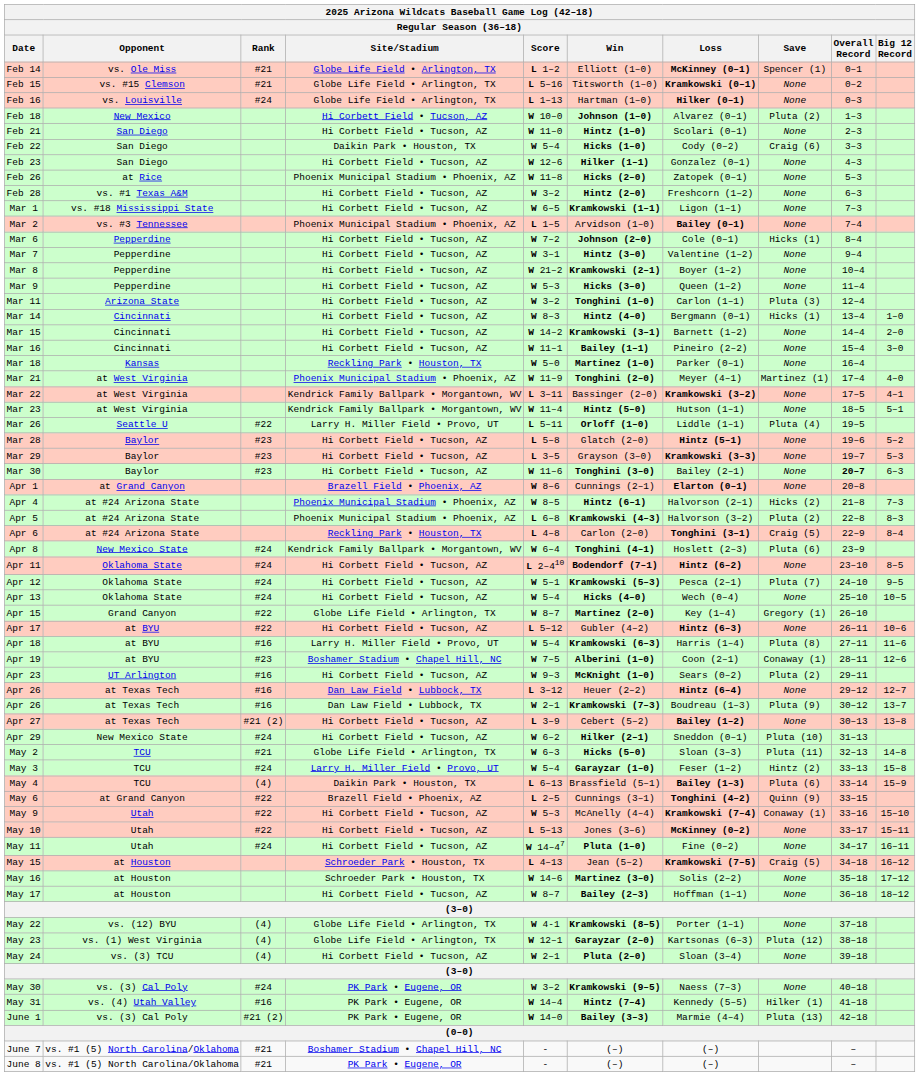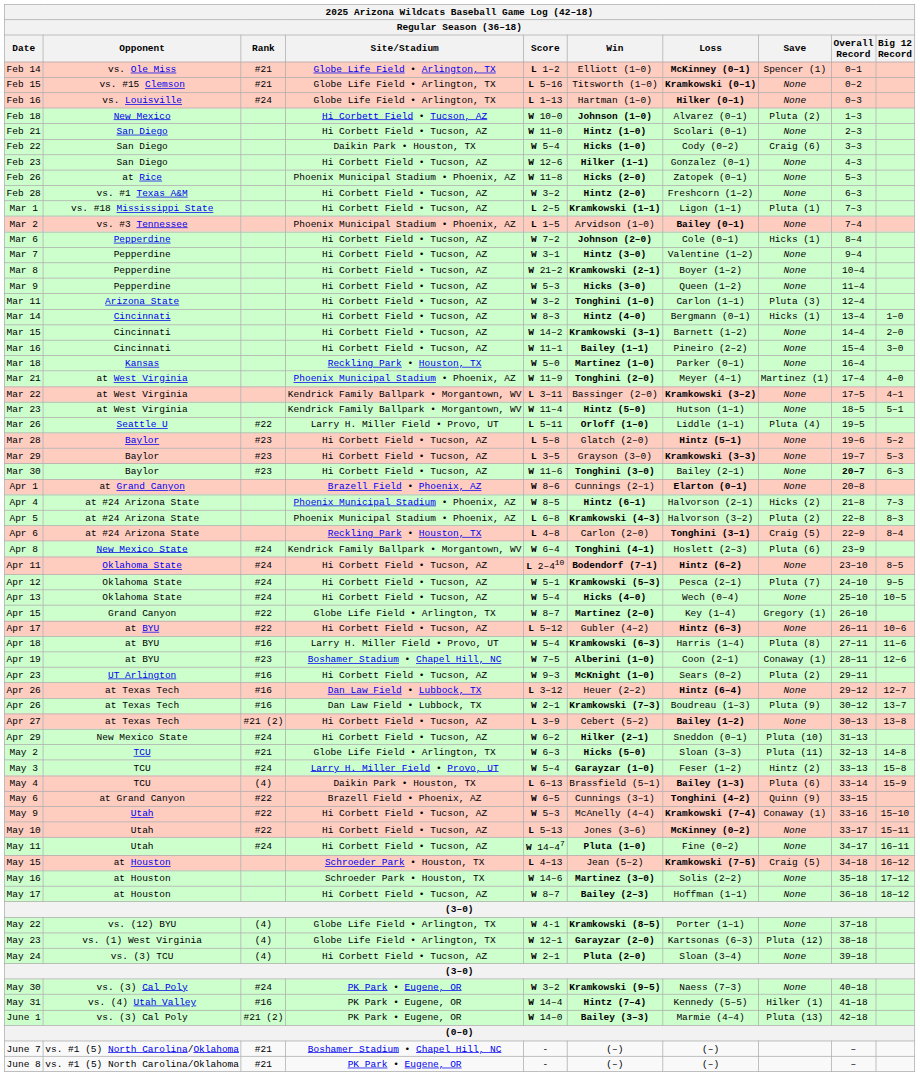 <table class="wikitable">
 <tr>
 <th colspan="10">2025 Arizona Wildcats Baseball Game Log (42–18)</th>
 </tr>
 <tr>
 <th colspan="10">Regular Season (36–18)</th>
 </tr>
 <tr>
 <th>Date</th>
 <th>Opponent</th>
 <th>Rank</th>
 <th>Site/Stadium</th>
 <th>Score</th>
 <th>Win</th>
 <th>Loss</th>
 <th>Save</th>
 <th>Overall<br>Record</th>
 <th>Big 12<br>Record</th>
 </tr>
 <tr bgcolor="ffccc" align="center">
 <td>Feb 14</td>
 <td>vs. <a href='#'>Ole Miss</a></td>
 <td>#21</td>
 <td><a href='#'>Globe Life Field</a> • <a href='#'>Arlington, TX</a></td>
 <td><strong>L</strong> 1–2</td>
 <td>Elliott (1–0)</td>
 <td><strong>McKinney (0–1)</strong></td>
 <td>Spencer (1)</td>
 <td>0–1</td>
 <td></td>
 </tr>
 <tr bgcolor="ffccc" align="center">
 <td>Feb 15</td>
 <td>vs. #15 <a href='#'>Clemson</a></td>
 <td>#21</td>
 <td>Globe Life Field • Arlington, TX</td>
 <td><strong>L</strong> 5–16</td>
 <td>Titsworth (1–0)</td>
 <td><strong>Kramkowski</strong> <strong>(0–1)</strong></td>
 <td><em>None</em></td>
 <td>0–2</td>
 <td></td>
 </tr>
 <tr bgcolor="ffccc" align="center">
 <td>Feb 16</td>
 <td>vs. <a href='#'>Louisville</a></td>
 <td>#24</td>
 <td>Globe Life Field • Arlington, TX</td>
 <td><strong>L</strong> 1–13</td>
 <td>Hartman (1–0)</td>
 <td><strong>Hilker (0–1)</strong></td>
 <td><em>None</em></td>
 <td>0–3</td>
 <td></td>
 </tr>
 <tr bgcolor="ccffcc" align="center">
 <td>Feb 18</td>
 <td><a href='#'>New Mexico</a></td>
 <td></td>
 <td><a href='#'>Hi Corbett Field</a> • <a href='#'>Tucson, AZ</a></td>
 <td><strong>W</strong> 10–0</td>
 <td><strong>Johnson (1–0)</strong></td>
 <td>Alvarez (0–1)</td>
 <td>Pluta (2)</td>
 <td>1–3</td>
 <td></td>
 </tr>
 <tr bgcolor="ccffcc" align="center">
 <td>Feb 21</td>
 <td><a href='#'>San Diego</a></td>
 <td></td>
 <td>Hi Corbett Field • Tucson, AZ</td>
 <td><strong>W</strong> 11–0</td>
 <td><strong>Hintz</strong> <strong>(1–0)</strong></td>
 <td>Scolari (0–1)</td>
 <td><em>None</em></td>
 <td>2–3</td>
 <td></td>
 </tr>
 <tr bgcolor="ccffcc" align="center">
 <td>Feb 22</td>
 <td>San Diego</td>
 <td></td>
 <td>Daikin Park • Houston, TX</td>
 <td><strong>W</strong> 5–4</td>
 <td><strong>Hicks (1–0)</strong></td>
 <td>Cody (0–2)</td>
 <td>Craig (6)</td>
 <td>3–3</td>
 <td></td>
 </tr>
 <tr bgcolor="ccffcc" align="center">
 <td>Feb 23</td>
 <td>San Diego</td>
 <td></td>
 <td>Hi Corbett Field • Tucson, AZ</td>
 <td><strong>W</strong> 12–6</td>
 <td><strong>Hilker (1–1)</strong></td>
 <td>Gonzalez (0–1)</td>
 <td><em>None</em></td>
 <td>4–3</td>
 <td></td>
 </tr>
 <tr bgcolor="ccffcc" align="center">
 <td>Feb 26</td>
 <td>at <a href='#'>Rice</a></td>
 <td></td>
 <td>Phoenix Municipal Stadium • Phoenix, AZ</td>
 <td><strong>W</strong> 11–8</td>
 <td><strong>Hicks (2–0)</strong></td>
 <td>Zatopek (0–1)</td>
 <td><em>None</em></td>
 <td>5–3</td>
 <td></td>
 </tr>
 <tr bgcolor="ccffcc" align="center">
 <td>Feb 28</td>
 <td>vs. #1 <a href='#'>Texas A&M</a></td>
 <td></td>
 <td>Hi Corbett Field • Tucson, AZ</td>
 <td><strong>W</strong> 3–2</td>
 <td><strong>Hintz</strong> <strong>(2–0)</strong></td>
 <td>Freshcorn (1–2)</td>
 <td><em>None</em></td>
 <td>6–3</td>
 <td></td>
 </tr>
 <tr bgcolor="ccffcc" align="center">
 <td>Mar 1</td>
 <td>vs. #18 <a href='#'>Mississippi State</a></td>
 <td></td>
 <td>Hi Corbett Field • Tucson, AZ</td>
-<td><strong>W</strong> 6–5</td>
+<td><strong>L</strong> 2–5</td>
 <td><strong>Kramkowski</strong> <strong>(1–1)</strong></td>
 <td>Ligon (1–1)</td>
-<td><em>None</em></td>
+<td>Pluta (1)</td>
 <td>7–3</td>
 <td></td>
 </tr>
 <tr bgcolor="ffccc" align="center">
 <td>Mar 2</td>
 <td>vs. #3 <a href='#'>Tennessee</a></td>
 <td></td>
 <td>Phoenix Municipal Stadium • Phoenix, AZ</td>
 <td><strong>L</strong> 1–5</td>
 <td>Arvidson (1–0)</td>
 <td><strong>Bailey (0–1)</strong></td>
 <td><em>None</em></td>
 <td>7–4</td>
 <td></td>
 </tr>
 <tr bgcolor="ccffcc" align="center">
 <td>Mar 6</td>
 <td><a href='#'>Pepperdine</a></td>
 <td></td>
 <td>Hi Corbett Field • Tucson, AZ</td>
 <td><strong>W</strong> 7–2</td>
 <td><strong>Johnson (2–0)</strong></td>
 <td>Cole (0–1)</td>
 <td>Hicks (1)</td>
 <td>8–4</td>
 <td></td>
 </tr>
 <tr bgcolor="ccffcc" align="center">
 <td>Mar 7</td>
 <td>Pepperdine</td>
 <td></td>
 <td>Hi Corbett Field • Tucson, AZ</td>
 <td><strong>W</strong> 3–1</td>
 <td><strong>Hintz</strong> <strong>(3–0)</strong></td>
 <td>Valentine (1–2)</td>
 <td><em>None</em></td>
 <td>9–4</td>
 <td></td>
 </tr>
 <tr bgcolor="ccffcc" align="center">
 <td>Mar 8</td>
 <td>Pepperdine</td>
 <td></td>
 <td>Hi Corbett Field • Tucson, AZ</td>
 <td><strong>W</strong> 21–2</td>
 <td><strong>Kramkowski</strong> <strong>(2–1)</strong></td>
 <td>Boyer (1–2)</td>
 <td><em>None</em></td>
 <td>10–4</td>
 <td></td>
 </tr>
 <tr bgcolor="ccffcc" align="center">
 <td>Mar 9</td>
 <td>Pepperdine</td>
 <td></td>
 <td>Hi Corbett Field • Tucson, AZ</td>
 <td><strong>W</strong> 5–3</td>
 <td><strong>Hicks (3–0)</strong></td>
 <td>Queen (1–2)</td>
 <td><em>None</em></td>
 <td>11–4</td>
 <td></td>
 </tr>
 <tr bgcolor="ccffcc" align="center">
 <td>Mar 11</td>
 <td><a href='#'>Arizona State</a></td>
 <td></td>
 <td>Hi Corbett Field • Tucson, AZ</td>
 <td><strong>W</strong> 3–2</td>
 <td><strong>Tonghini (1–0)</strong></td>
 <td>Carlon (1–1)</td>
 <td>Pluta (3)</td>
 <td>12–4</td>
 <td></td>
 </tr>
 <tr bgcolor="ccffcc" align="center">
 <td>Mar 14</td>
 <td><a href='#'>Cincinnati</a></td>
 <td></td>
 <td>Hi Corbett Field • Tucson, AZ</td>
 <td><strong>W</strong> 8–3</td>
 <td><strong>Hintz</strong> <strong>(4–0)</strong></td>
 <td>Bergmann (0–1)</td>
 <td>Hicks (1)</td>
 <td>13–4</td>
 <td>1–0</td>
 </tr>
 <tr bgcolor="ccffcc" align="center">
 <td>Mar 15</td>
 <td>Cincinnati</td>
 <td></td>
 <td>Hi Corbett Field • Tucson, AZ</td>
 <td><strong>W</strong> 14–2</td>
 <td><strong>Kramkowski</strong> <strong>(3–1)</strong></td>
 <td>Barnett (1–2)</td>
 <td><em>None</em></td>
 <td>14–4</td>
 <td>2–0</td>
 </tr>
 <tr bgcolor="ccffcc" align="center">
 <td>Mar 16</td>
 <td>Cincinnati</td>
 <td></td>
 <td>Hi Corbett Field • Tucson, AZ</td>
 <td><strong>W</strong> 11–1</td>
 <td><strong>Bailey</strong> <strong>(1–1)</strong></td>
 <td>Pineiro (2–2)</td>
 <td><em>None</em></td>
 <td>15–4</td>
 <td>3–0</td>
 </tr>
 <tr bgcolor="ccffcc" align="center">
 <td>Mar 18</td>
 <td><a href='#'>Kansas</a></td>
 <td></td>
 <td><a href='#'>Reckling Park</a> • <a href='#'>Houston, TX</a></td>
 <td><strong>W</strong> 5–0</td>
 <td><strong>Martinez (1–0)</strong></td>
 <td>Parker (0–1)</td>
 <td><em>None</em></td>
 <td>16–4</td>
 <td></td>
 </tr>
 <tr bgcolor="ccffcc" align="center">
 <td>Mar 21</td>
 <td>at <a href='#'>West Virginia</a></td>
 <td></td>
 <td><a href='#'>Phoenix Municipal Stadium</a> • Phoenix, AZ</td>
 <td><strong>W</strong> 11–9</td>
 <td><strong>Tonghini (2–0)</strong></td>
 <td>Meyer (4–1)</td>
 <td>Martinez (1)</td>
 <td>17–4</td>
 <td>4–0</td>
 </tr>
 <tr bgcolor="ffccc" align="center">
 <td>Mar 22</td>
 <td>at West Virginia</td>
 <td></td>
 <td>Kendrick Family Ballpark • Morgantown, WV</td>
 <td><strong>L</strong> 3–11</td>
 <td>Bassinger (2–0)</td>
 <td><strong>Kramkowski (3–2)</strong></td>
 <td><em>None</em></td>
 <td>17–5</td>
 <td>4–1</td>
 </tr>
 <tr bgcolor="ccffcc" align="center">
 <td>Mar 23</td>
 <td>at West Virginia</td>
 <td></td>
 <td>Kendrick Family Ballpark • Morgantown, WV</td>
 <td><strong>W</strong> 11–4</td>
 <td><strong>Hintz (5–0)</strong></td>
 <td>Hutson (1–1)</td>
 <td><em>None</em></td>
 <td>18–5</td>
 <td>5–1</td>
 </tr>
 <tr bgcolor="ccffcc" align="center">
 <td>Mar 26</td>
 <td><a href='#'>Seattle U</a></td>
 <td>#22</td>
 <td>Larry H. Miller Field • Provo, UT</td>
 <td><strong>L</strong> 5–11</td>
 <td><strong>Orloff (1–0)</strong></td>
 <td>Liddle (1–1)</td>
 <td>Pluta (4)</td>
 <td>19–5</td>
 <td></td>
 </tr>
 <tr bgcolor="ffccc" align="center">
 <td>Mar 28</td>
 <td><a href='#'>Baylor</a></td>
 <td>#23</td>
 <td>Hi Corbett Field • Tucson, AZ</td>
 <td><strong>L</strong> 5–8</td>
 <td>Glatch (2–0)</td>
 <td><strong>Hintz (5–1)</strong></td>
 <td><em>None</em></td>
 <td>19–6</td>
 <td>5–2</td>
 </tr>
 <tr bgcolor="ffccc" align="center">
 <td>Mar 29</td>
 <td>Baylor</td>
 <td>#23</td>
 <td>Hi Corbett Field • Tucson, AZ</td>
 <td><strong>L</strong> 3–5</td>
 <td>Grayson (3–0)</td>
 <td><strong>Kramkowski (3–3)</strong></td>
 <td><em>None</em></td>
 <td>19–7</td>
 <td>5–3</td>
 </tr>
 <tr bgcolor="ccffcc" align="center">
 <td>Mar 30</td>
 <td>Baylor</td>
 <td>#23</td>
 <td>Hi Corbett Field • Tucson, AZ</td>
 <td><strong>W</strong> 11–6</td>
 <td><strong>Tonghini (3–0)</strong></td>
 <td>Bailey (2–1)</td>
 <td><em>None</em></td>
 <td><strong>20–7</strong></td>
 <td>6–3</td>
 </tr>
 <tr bgcolor="ffccc" align="center">
 <td>Apr 1</td>
 <td>at <a href='#'>Grand Canyon</a></td>
 <td></td>
 <td><a href='#'>Brazell Field</a> • <a href='#'>Phoenix, AZ</a></td>
 <td><strong>W</strong> 8–6</td>
 <td>Cunnings (2–1)</td>
 <td><strong>Elarton</strong> <strong>(0–1)</strong></td>
 <td><em>None</em></td>
 <td>20–8</td>
 <td></td>
 </tr>
 <tr bgcolor="ccffcc" align="center">
 <td>Apr 4</td>
 <td>at #24 Arizona State</td>
 <td></td>
 <td><a href='#'>Phoenix Municipal Stadium</a> • Phoenix, AZ</td>
 <td><strong>W</strong> 8–5</td>
 <td><strong>Hintz</strong> <strong>(6–1)</strong></td>
 <td>Halvorson (2–1)</td>
 <td>Hicks (2)</td>
 <td>21–8</td>
 <td>7–3</td>
 </tr>
 <tr bgcolor="ccffcc" align="center">
 <td>Apr 5</td>
 <td>at #24 Arizona State</td>
 <td></td>
 <td>Phoenix Municipal Stadium • Phoenix, AZ</td>
 <td><strong>L</strong> 6–8</td>
 <td><strong>Kramkowski (4–3)</strong></td>
 <td>Halvorson (3–2)</td>
 <td>Pluta (2)</td>
 <td>22–8</td>
 <td>8–3</td>
 </tr>
 <tr bgcolor="ffccc" align="center">
 <td>Apr 6</td>
 <td>at #24 Arizona State</td>
 <td></td>
 <td><a href='#'>Reckling Park</a> • <a href='#'>Houston, TX</a></td>
 <td><strong>L</strong> 4–8</td>
 <td>Carlon (2–0)</td>
 <td><strong>Tonghini (3–1)</strong></td>
 <td>Craig (5)</td>
 <td>22–9</td>
 <td>8–4</td>
 </tr>
 <tr bgcolor="ccffcc" align="center">
 <td>Apr 8</td>
 <td><a href='#'>New Mexico State</a></td>
 <td>#24</td>
 <td>Kendrick Family Ballpark • Morgantown, WV</td>
 <td><strong>W</strong> 6–4</td>
 <td><strong>Tonghini (4–1)</strong></td>
 <td>Hoslett (2–3)</td>
 <td>Pluta (6)</td>
 <td>23–9</td>
 <td></td>
 </tr>
 <tr bgcolor="ffccc" align="center">
 <td>Apr 11</td>
 <td><a href='#'>Oklahoma State</a></td>
 <td>#24</td>
 <td>Hi Corbett Field • Tucson, AZ</td>
 <td><strong>L</strong> 2–4<sup>10</sup></td>
 <td><strong>Bodendorf (7–1)</strong></td>
 <td><strong>Hintz (6–2)</strong></td>
 <td><em>None</em></td>
 <td>23–10</td>
 <td>8–5</td>
 </tr>
 <tr bgcolor="ccffcc" align="center">
 <td>Apr 12</td>
 <td>Oklahoma State</td>
 <td>#24</td>
 <td>Hi Corbett Field • Tucson, AZ</td>
 <td><strong>W</strong> 5–1</td>
 <td><strong>Kramkowski (5–3)</strong></td>
 <td>Pesca (2–1)</td>
 <td>Pluta (7)</td>
 <td>24–10</td>
 <td>9–5</td>
 </tr>
 <tr bgcolor="ccffcc" align="center">
 <td>Apr 13</td>
 <td>Oklahoma State</td>
 <td>#24</td>
 <td>Hi Corbett Field • Tucson, AZ</td>
 <td><strong>W</strong> 5–4</td>
 <td><strong>Hicks (4–0)</strong></td>
 <td>Wech (0–4)</td>
 <td><em>None</em></td>
 <td>25–10</td>
 <td>10–5</td>
 </tr>
 <tr bgcolor="ccffcc" align="center">
 <td>Apr 15</td>
 <td>Grand Canyon</td>
 <td>#22</td>
 <td>Globe Life Field • Arlington, TX</td>
 <td><strong>W</strong> 8–7</td>
 <td><strong>Martinez (2–0)</strong></td>
 <td>Key (1–4)</td>
 <td>Gregory (1)</td>
 <td>26–10</td>
 <td></td>
 </tr>
 <tr bgcolor="ffccc" align="center">
 <td>Apr 17</td>
 <td>at <a href='#'>BYU</a></td>
 <td>#22</td>
 <td>Hi Corbett Field • Tucson, AZ</td>
 <td><strong>L</strong> 5–12</td>
 <td>Gubler (4–2)</td>
 <td><strong>Hintz (6–3)</strong></td>
 <td><em>None</em></td>
 <td>26–11</td>
 <td>10–6</td>
 </tr>
 <tr bgcolor="ccffcc" align="center">
 <td>Apr 18</td>
 <td>at BYU</td>
 <td>#16</td>
 <td>Larry H. Miller Field • Provo, UT</td>
 <td><strong>W</strong> 5–4</td>
 <td><strong>Kramkowski (6–3)</strong></td>
 <td>Harris (1–4)</td>
 <td>Pluta (8)</td>
 <td>27–11</td>
 <td>11–6</td>
 </tr>
 <tr bgcolor="ccffcc" align="center">
 <td>Apr 19</td>
 <td>at BYU</td>
 <td>#23</td>
 <td><a href='#'>Boshamer Stadium</a> • <a href='#'>Chapel Hill, NC</a></td>
 <td><strong>W</strong> 7–5</td>
 <td><strong>Alberini (1–0)</strong></td>
 <td>Coon (2–1)</td>
 <td>Conaway (1)</td>
 <td>28–11</td>
 <td>12–6</td>
 </tr>
 <tr bgcolor="ccffcc" align="center">
 <td>Apr 23</td>
 <td><a href='#'>UT Arlington</a></td>
 <td>#16</td>
 <td>Hi Corbett Field • Tucson, AZ</td>
 <td><strong>W</strong> 9–3</td>
 <td><strong>McKnight (1–0)</strong></td>
 <td>Sears (0–2)</td>
 <td>Pluta (2)</td>
 <td>29–11</td>
 <td></td>
 </tr>
 <tr bgcolor="ffccc" align="center">
 <td>Apr 26</td>
 <td>at Texas Tech</td>
 <td>#16</td>
 <td><a href='#'>Dan Law Field</a> • <a href='#'>Lubbock, TX</a></td>
 <td><strong>L</strong> 3–12</td>
 <td>Heuer (2–2)</td>
 <td><strong>Hintz (6–4)</strong></td>
 <td><em>None</em></td>
 <td>29–12</td>
 <td>12–7</td>
 </tr>
 <tr bgcolor="ccffcc" align="center">
 <td>Apr 26</td>
 <td>at Texas Tech</td>
 <td>#16</td>
 <td>Dan Law Field • Lubbock, TX</td>
 <td><strong>W</strong> 2–1</td>
 <td><strong>Kramkowski (7–3)</strong></td>
 <td>Boudreau (1–3)</td>
 <td>Pluta (9)</td>
 <td>30–12</td>
 <td>13–7</td>
 </tr>
 <tr bgcolor="ffccc" align="center">
 <td>Apr 27</td>
 <td>at Texas Tech</td>
 <td>#21 (2)</td>
 <td>Hi Corbett Field • Tucson, AZ</td>
 <td><strong>L</strong> 3–9</td>
 <td>Cebert (5–2)</td>
 <td><strong>Bailey (1–2)</strong></td>
 <td><em>None</em></td>
 <td>30–13</td>
 <td>13–8</td>
 </tr>
 <tr bgcolor="ccffcc" align="center">
 <td>Apr 29</td>
 <td>New Mexico State</td>
 <td>#24</td>
 <td>Hi Corbett Field • Tucson, AZ</td>
 <td><strong>W</strong> 6–2</td>
 <td><strong>Hilker (2–1)</strong></td>
 <td>Sneddon (0–1)</td>
 <td>Pluta (10)</td>
 <td>31–13</td>
 <td></td>
 </tr>
 <tr bgcolor="ccffcc" align="center">
 <td>May 2</td>
 <td><a href='#'>TCU</a></td>
 <td>#21</td>
 <td>Globe Life Field • Arlington, TX</td>
 <td><strong>W</strong> 6–3</td>
 <td><strong>Hicks (5–0)</strong></td>
 <td>Sloan (3–3)</td>
 <td>Pluta (11)</td>
 <td>32–13</td>
 <td>14–8</td>
 </tr>
 <tr bgcolor="ccffcc" align="center">
 <td>May 3</td>
 <td>TCU</td>
 <td>#24</td>
 <td><a href='#'>Larry H. Miller Field</a> • <a href='#'>Provo, UT</a></td>
 <td><strong>W</strong> 5–4</td>
 <td><strong>Garayzar (1–0)</strong></td>
 <td>Feser (1–2)</td>
 <td>Hintz (2)</td>
 <td>33–13</td>
 <td>15–8</td>
 </tr>
 <tr bgcolor="ffccc" align="center">
 <td>May 4</td>
 <td>TCU</td>
 <td>(4)</td>
 <td>Daikin Park • Houston, TX</td>
 <td><strong>L</strong> 6–13</td>
 <td>Brassfield (5–1)</td>
 <td><strong>Bailey (1–3)</strong></td>
 <td>Pluta (6)</td>
 <td>33–14</td>
 <td>15–9</td>
 </tr>
 <tr bgcolor="ffccc" align="center">
 <td>May 6</td>
 <td>at Grand Canyon</td>
 <td>#22</td>
 <td>Brazell Field • Phoenix, AZ</td>
-<td><strong>L</strong> 2–5</td>
+<td><strong>W</strong> 6–5</td>
 <td>Cunnings (3–1)</td>
 <td><strong>Tonghini (4–2)</strong></td>
 <td>Quinn (9)</td>
 <td>33–15</td>
 <td></td>
 </tr>
 <tr bgcolor="ffccc" align="center">
 <td>May 9</td>
 <td><a href='#'>Utah</a></td>
 <td>#22</td>
 <td>Hi Corbett Field • Tucson, AZ</td>
 <td><strong>W</strong> 5–3</td>
 <td>McAnelly (4–4)</td>
 <td><strong>Kramkowski (7–4)</strong></td>
 <td>Conaway (1)</td>
 <td>33–16</td>
 <td>15–10</td>
 </tr>
 <tr bgcolor="ffccc" align="center">
 <td>May 10</td>
 <td>Utah</td>
 <td>#22</td>
 <td>Hi Corbett Field • Tucson, AZ</td>
 <td><strong>L</strong> 5–13</td>
 <td>Jones (3–6)</td>
 <td><strong>McKinney (0–2)</strong></td>
 <td><em>None</em></td>
 <td>33–17</td>
 <td>15–11</td>
 </tr>
 <tr bgcolor="ccffcc" align="center">
 <td>May 11</td>
 <td>Utah</td>
 <td>#24</td>
 <td>Hi Corbett Field • Tucson, AZ</td>
 <td><strong>W</strong> 14–4<sup>7</sup></td>
 <td><strong>Pluta (1–0)</strong></td>
 <td>Fine (0–2)</td>
 <td><em>None</em></td>
 <td>34–17</td>
 <td>16–11</td>
 </tr>
 <tr bgcolor="ffccc" align="center">
 <td>May 15</td>
 <td>at <a href='#'>Houston</a></td>
 <td></td>
 <td><a href='#'>Schroeder Park</a> • Houston, TX</td>
 <td><strong>L</strong> 4–13</td>
 <td>Jean (5–2)</td>
 <td><strong>Kramkowski (7–5)</strong></td>
 <td>Craig (5)</td>
 <td>34–18</td>
 <td>16–12</td>
 </tr>
 <tr bgcolor="ccffcc" align="center">
 <td>May 16</td>
 <td>at Houston</td>
 <td></td>
 <td>Schroeder Park • Houston, TX</td>
 <td><strong>W</strong> 14–6</td>
 <td><strong>Martinez (3–0)</strong></td>
 <td>Solis (2–2)</td>
 <td><em>None</em></td>
 <td>35–18</td>
 <td>17–12</td>
 </tr>
 <tr bgcolor="ccffcc" align="center">
 <td>May 17</td>
 <td>at Houston</td>
 <td></td>
 <td>Hi Corbett Field • Tucson, AZ</td>
 <td><strong>W</strong> 8–7</td>
 <td><strong>Bailey (2–3)</strong></td>
 <td>Hoffman (1–1)</td>
 <td><em>None</em></td>
 <td>36–18</td>
 <td>18–12</td>
 </tr>
 <tr>
 <th colspan="10"><a href='#'></a> (3–0)</th>
 </tr>
 <tr bgcolor="ccffcc" align="center">
 <td>May 22</td>
 <td>vs. (12) BYU</td>
 <td>(4)</td>
 <td>Globe Life Field • Arlington, TX</td>
 <td><strong>W</strong> 4-1</td>
 <td><strong>Kramkowski (8–5)</strong></td>
 <td>Porter (1–1)</td>
 <td><em>None</em></td>
 <td>37–18</td>
 <td></td>
 </tr>
 <tr bgcolor="ccffcc" align="center">
 <td>May 23</td>
 <td>vs. (1) West Virginia</td>
 <td>(4)</td>
 <td>Globe Life Field • Arlington, TX</td>
 <td><strong>W</strong> 12–1</td>
 <td><strong>Garayzar (2–0)</strong></td>
 <td>Kartsonas (6–3)</td>
 <td>Pluta (12)</td>
 <td>38–18</td>
 <td></td>
 </tr>
 <tr bgcolor="ccffcc" align="center">
 <td>May 24</td>
 <td>vs. (3) TCU</td>
 <td>(4)</td>
 <td>Hi Corbett Field • Tucson, AZ</td>
 <td><strong>W</strong> 2–1</td>
 <td><strong>Pluta (2–0)</strong></td>
 <td>Sloan (3–4)</td>
 <td><em>None</em></td>
 <td>39–18</td>
 <td></td>
 </tr>
 <tr>
 <th colspan="10"><a href='#'></a> (3–0)</th>
 </tr>
 <tr bgcolor="ccffcc" align="center">
 <td>May 30</td>
 <td>vs. (3) <a href='#'>Cal Poly</a></td>
 <td>#24</td>
 <td><a href='#'>PK Park</a> • <a href='#'>Eugene, OR</a></td>
 <td><strong>W</strong> 3–2</td>
 <td><strong> Kramkowski (9–5)</strong></td>
 <td>Naess (7–3)</td>
 <td><em>None</em></td>
 <td>40–18</td>
 <td></td>
 </tr>
 <tr bgcolor="ccffcc" align="center">
 <td>May 31</td>
 <td>vs. (4) <a href='#'>Utah Valley</a></td>
 <td>#16</td>
 <td>PK Park • Eugene, OR</td>
 <td><strong>W</strong> 14–4</td>
 <td><strong> Hintz (7–4)</strong></td>
 <td>Kennedy (5–5)</td>
 <td>Hilker (1)</td>
 <td>41–18</td>
 <td></td>
 </tr>
 <tr bgcolor="ccffcc" align="center">
 <td>June 1</td>
 <td>vs. (3) Cal Poly</td>
 <td>#21 (2)</td>
 <td>PK Park • Eugene, OR</td>
 <td><strong>W</strong> 14–0</td>
 <td><strong>Bailey (3–3)</strong></td>
 <td>Marmie (4–4)</td>
 <td>Pluta (13)</td>
 <td>42–18</td>
 <td></td>
 </tr>
 <tr>
 <th colspan="10"><a href='#'></a> (0–0)</th>
 </tr>
 <tr align="center">
 <td>June 7</td>
 <td>vs. #1 (5) <a href='#'>North Carolina</a>/<a href='#'>Oklahoma</a></td>
 <td>#21</td>
 <td><a href='#'>Boshamer Stadium</a> • <a href='#'>Chapel Hill, NC</a></td>
 <td>-</td>
 <td>(–)</td>
 <td>(–)</td>
 <td></td>
 <td>–</td>
 <td></td>
 </tr>
 <tr align="center">
 <td>June 8</td>
 <td>vs. #1 (5) North Carolina/Oklahoma</td>
 <td>#21</td>
 <td><a href='#'>PK Park</a> • <a href='#'>Eugene, OR</a></td>
 <td>-</td>
 <td>(–)</td>
 <td>(–)</td>
 <td></td>
 <td>–</td>
 <td></td>
 </tr>
 </table>
